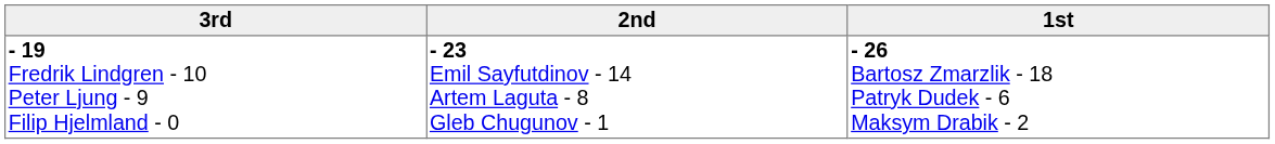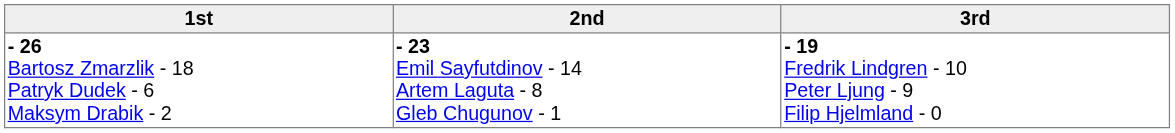 <table border="1" cellpadding="2" cellspacing="0"  style="width:75%; border-collapse:collapse;">
 <tr style="text-align:left; background:#efefef;">
+<th width=15% align=center >1st</th>
+<th width=15% align=center >2nd</th>
 <th width=15% align=center >3rd</th>
-<th width=15% align=center >2nd</th>
-<th width=15% align=center >1st</th>
 </tr>
 <tr align=left>
+<td valign=top align=left ><strong> - 26</strong><br><a href='#'>Bartosz Zmarzlik</a> - 18<br><a href='#'>Patryk Dudek</a> - 6<br><a href='#'>Maksym Drabik</a> - 2</td>
+<td valign=top align=left ><strong> - 23</strong><br><a href='#'>Emil Sayfutdinov</a> - 14<br><a href='#'>Artem Laguta</a> - 8<br><a href='#'>Gleb Chugunov</a> - 1</td>
 <td valign=top align=left ><strong> - 19</strong><br><a href='#'>Fredrik Lindgren</a> - 10<br><a href='#'>Peter Ljung</a> - 9<br><a href='#'>Filip Hjelmland</a> - 0</td>
-<td valign=top align=left ><strong> - 23</strong><br><a href='#'>Emil Sayfutdinov</a> - 14<br><a href='#'>Artem Laguta</a> - 8<br><a href='#'>Gleb Chugunov</a> - 1</td>
-<td valign=top align=left ><strong> - 26</strong><br><a href='#'>Bartosz Zmarzlik</a> - 18<br><a href='#'>Patryk Dudek</a> - 6<br><a href='#'>Maksym Drabik</a> - 2</td>
 </tr>
 </table>
